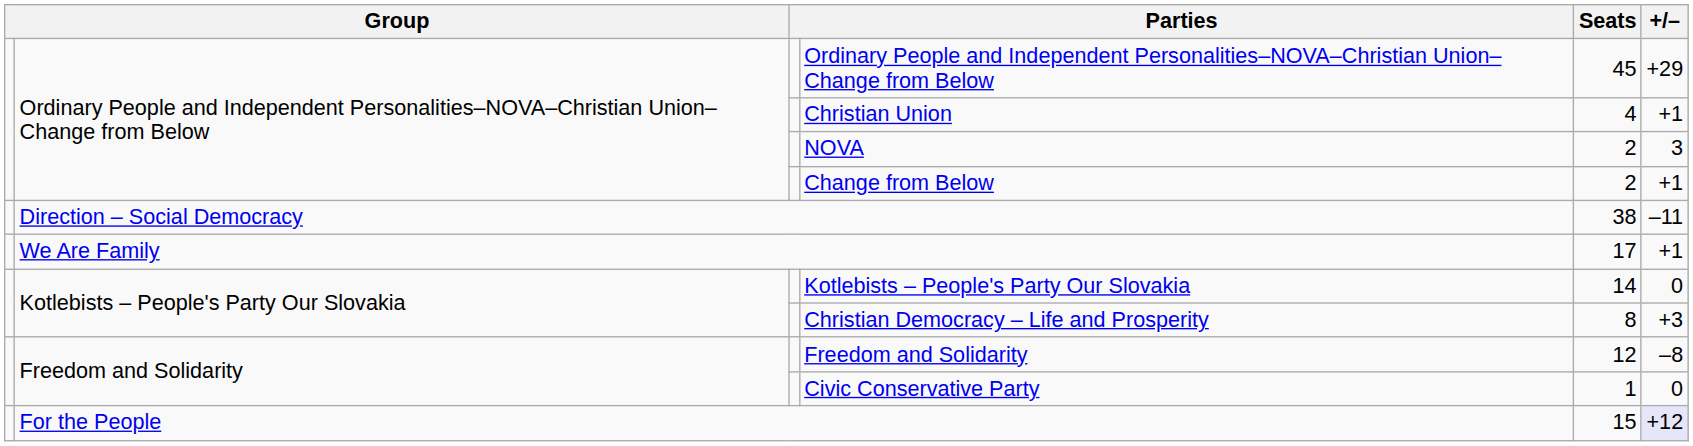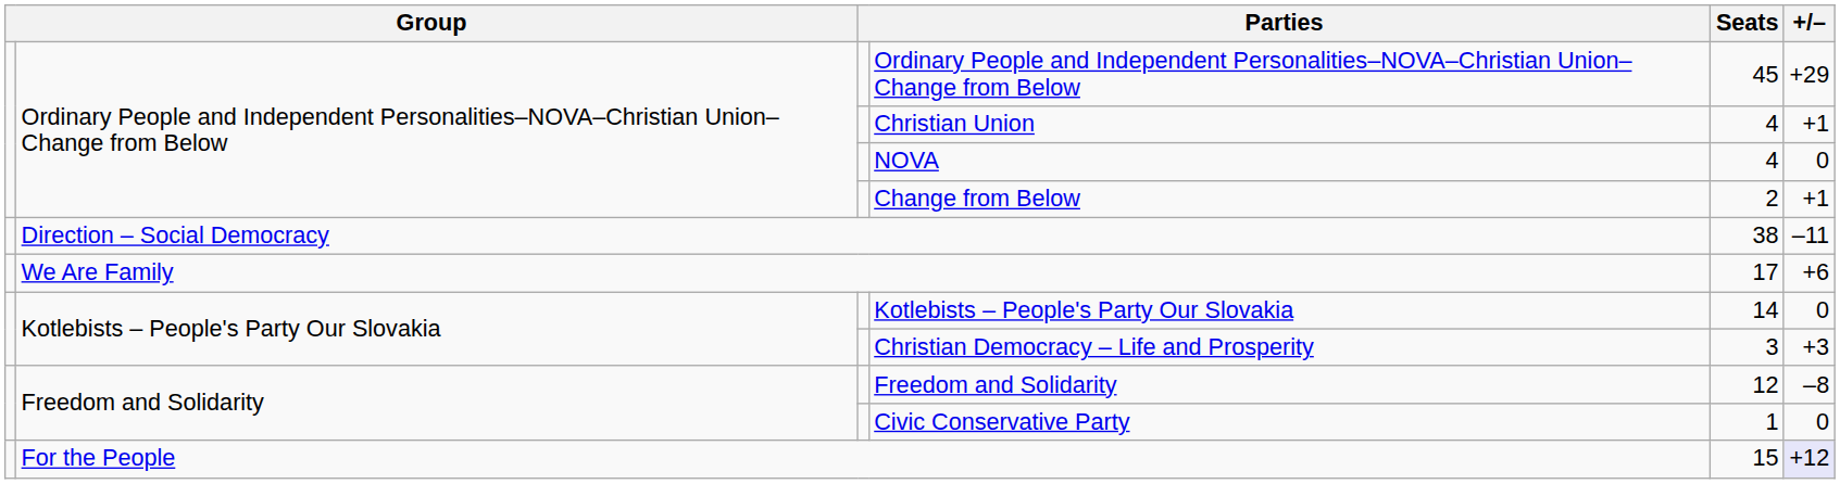 <table class="wikitable">
 <tr>
 <th colspan="2">Group</th>
 <th colspan="2">Parties</th>
 <th>Seats</th>
 <th>+/–</th>
 </tr>
 <tr>
 <td rowspan="4" style="background: "></td>
 <td rowspan="4">Ordinary People and Independent Personalities–NOVA–Christian Union–Change from Below</td>
 <td style="background: "></td>
 <td><a href='#'>Ordinary People and Independent Personalities–NOVA–Christian Union–Change from Below</a></td>
 <td align=right>45</td>
 <td align=right>+29</td>
 </tr>
 <tr>
 <td style="background: "></td>
 <td><a href='#'>Christian Union</a></td>
 <td align=right>4</td>
 <td align=right>+1</td>
 </tr>
 <tr>
 <td style="background: "></td>
 <td><a href='#'>NOVA</a></td>
-<td align=right>2</td>
-<td align=right>3</td>
+<td align=right>4</td>
+<td align=right>0</td>
 </tr>
 <tr>
 <td style="background: "></td>
 <td><a href='#'>Change from Below</a></td>
 <td align=right>2</td>
 <td align=right>+1</td>
 </tr>
 <tr>
 <td style="background: "></td>
 <td colspan="3"><a href='#'>Direction – Social Democracy</a></td>
 <td align=right>38</td>
 <td align=right>–11</td>
 </tr>
 <tr>
 <td style="background: "></td>
 <td colspan="3"><a href='#'>We Are Family</a></td>
 <td align=right>17</td>
-<td align=right>+1</td>
+<td align=right>+6</td>
 </tr>
 <tr>
 <td rowspan="2" style="background: "></td>
 <td rowspan="2">Kotlebists – People's Party Our Slovakia</td>
 <td style="background: "></td>
 <td><a href='#'>Kotlebists – People's Party Our Slovakia</a></td>
 <td align=right>14</td>
 <td align=right>0</td>
 </tr>
 <tr>
 <td style="background: "></td>
 <td><a href='#'>Christian Democracy – Life and Prosperity</a></td>
-<td align=right>8</td>
+<td align=right>3</td>
 <td align=right>+3</td>
 </tr>
 <tr>
 <td rowspan="2" style="background: "></td>
 <td rowspan="2">Freedom and Solidarity</td>
 <td style="background: "></td>
 <td><a href='#'>Freedom and Solidarity</a></td>
 <td align=right>12</td>
 <td align=right>–8</td>
 </tr>
 <tr>
 <td style="background: "></td>
 <td><a href='#'>Civic Conservative Party</a></td>
 <td align=right>1</td>
 <td align=right>0</td>
 </tr>
 <tr>
 <td style="background: "></td>
 <td colspan="3"><a href='#'>For the People</a></td>
 <td align=right>15</td>
 <td align=right style="background: lavender;">+12</td>
 </tr>
 </table>
